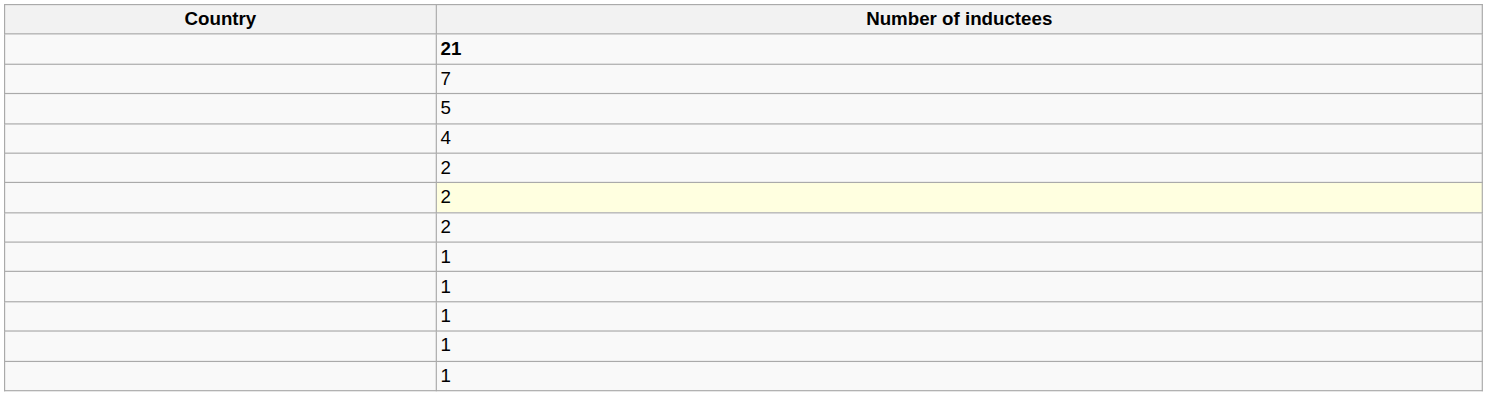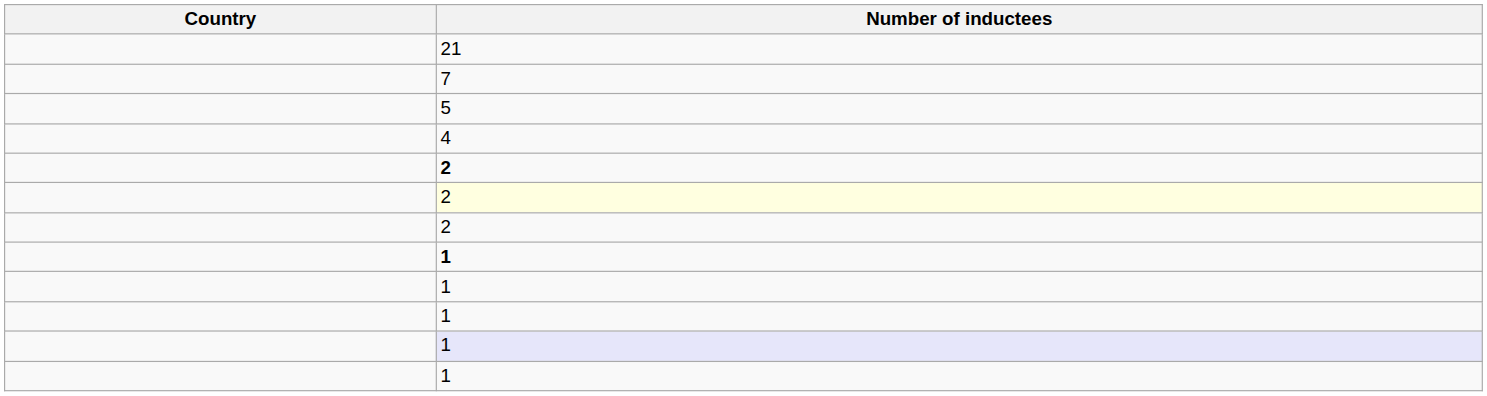 <table class="wikitable sortable" width="100%" border="1" align="center">
 <tr>
 <th>Country</th>
 <th>Number of inductees</th>
 </tr>
 <tr>
 <td></td>
-<td><strong>21</strong></td>
+<td>21</td>
 </tr>
 <tr>
 <td></td>
 <td>7</td>
 </tr>
 <tr>
 <td></td>
 <td>5</td>
 </tr>
 <tr>
 <td></td>
 <td>4</td>
 </tr>
 <tr>
 <td></td>
-<td>2</td>
+<td><strong>2</strong></td>
 </tr>
 <tr>
 <td></td>
 <td style="background: lightyellow;">2</td>
 </tr>
 <tr>
 <td></td>
 <td>2</td>
 </tr>
 <tr>
 <td></td>
-<td>1</td>
+<td><strong>1</strong></td>
 </tr>
 <tr>
 <td></td>
 <td>1</td>
 </tr>
 <tr>
 <td></td>
 <td>1</td>
 </tr>
 <tr>
 <td></td>
-<td>1</td>
+<td style="background: lavender;">1</td>
 </tr>
 <tr>
 <td></td>
 <td>1</td>
 </tr>
 </table>
